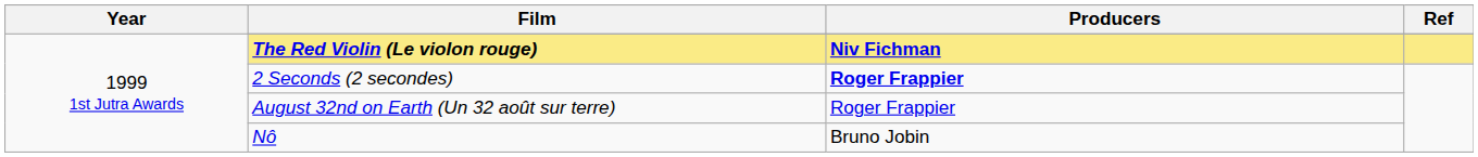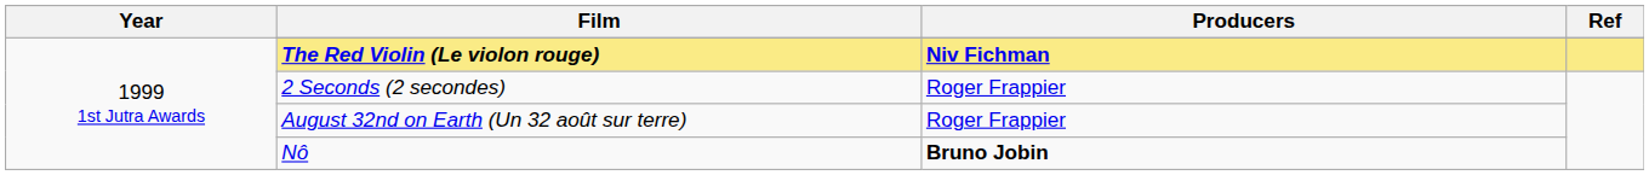 <table class="wikitable" style="width:100%;">
 <tr style="background:#bebebe;">
 <th style="width:8%;">Year</th>
 <th style="width:19%;">Film</th>
 <th style="width:19%;">Producers</th>
 <th style="width:2%;">Ref</th>
 </tr>
 <tr>
 <td rowspan="5" align="center">1999<br> <small><a href='#'>1st Jutra Awards</a></small></td>
 </tr>
 <tr style="background:#FAEB86">
 <td><strong><em><a href='#'>The Red Violin</a> (Le violon rouge)</em></strong></td>
 <td><strong><a href='#'>Niv Fichman</a></strong></td>
 <td></td>
 </tr>
 <tr>
 <td><em><a href='#'>2 Seconds</a> (2 secondes)</em></td>
-<td><strong><a href='#'>Roger Frappier</a></strong></td>
+<td><a href='#'>Roger Frappier</a></td>
 <td rowspan=3></td>
 </tr>
 <tr>
 <td><em><a href='#'>August 32nd on Earth</a> (Un 32 août sur terre)</em></td>
 <td><a href='#'>Roger Frappier</a></td>
 </tr>
 <tr>
 <td><em><a href='#'>Nô</a></em></td>
-<td>Bruno Jobin</td>
+<td><strong>Bruno Jobin</strong></td>
 </tr>
 </table>
